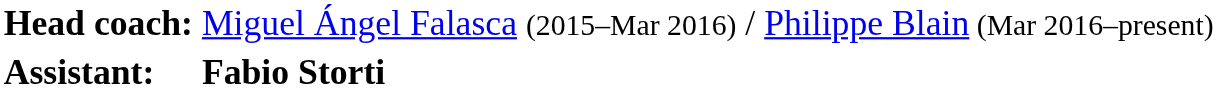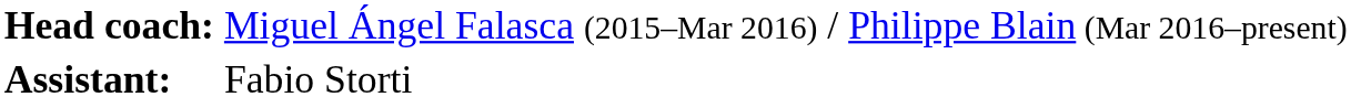 <table>
 <tr>
 <td><strong>Head coach:</strong></td>
 <td> <a href='#'>Miguel Ángel Falasca</a> <small>(2015–Mar 2016)</small> /  <a href='#'>Philippe Blain</a><small> (Mar 2016–present)</small></td>
 </tr>
 <tr>
 <td><strong>Assistant:</strong></td>
-<td><strong> Fabio Storti</strong></td>
+<td> Fabio Storti</td>
 </tr>
 <tr>
 </tr>
 </table>
